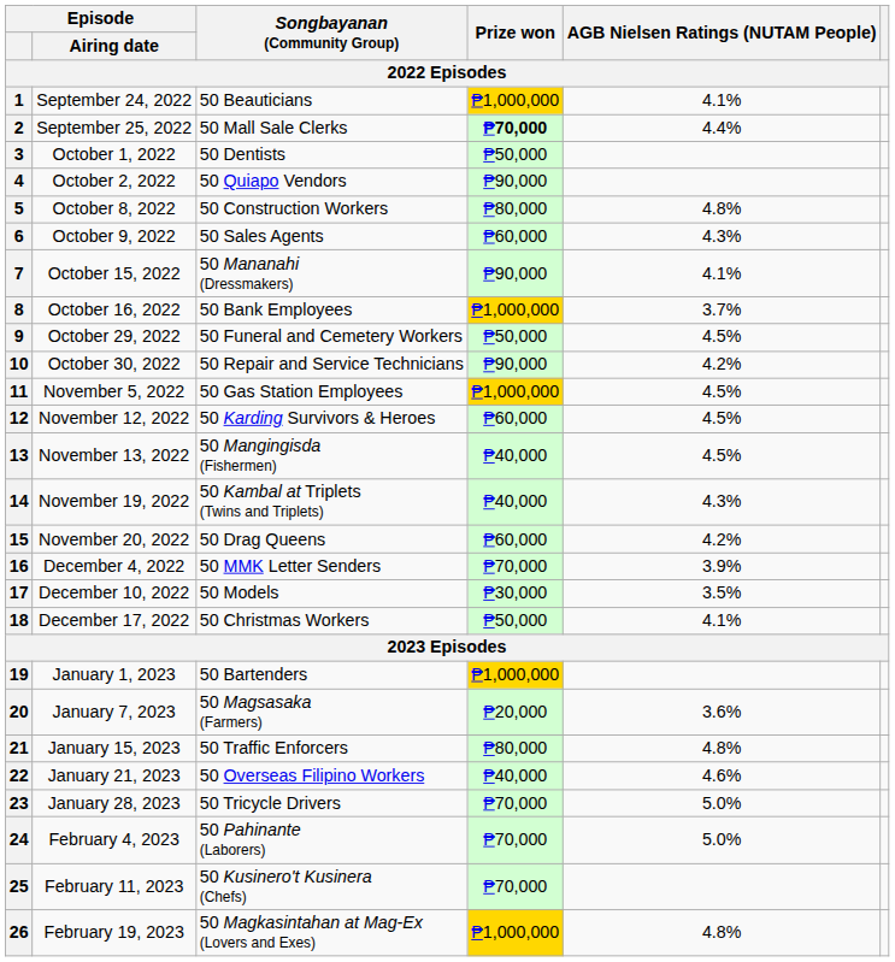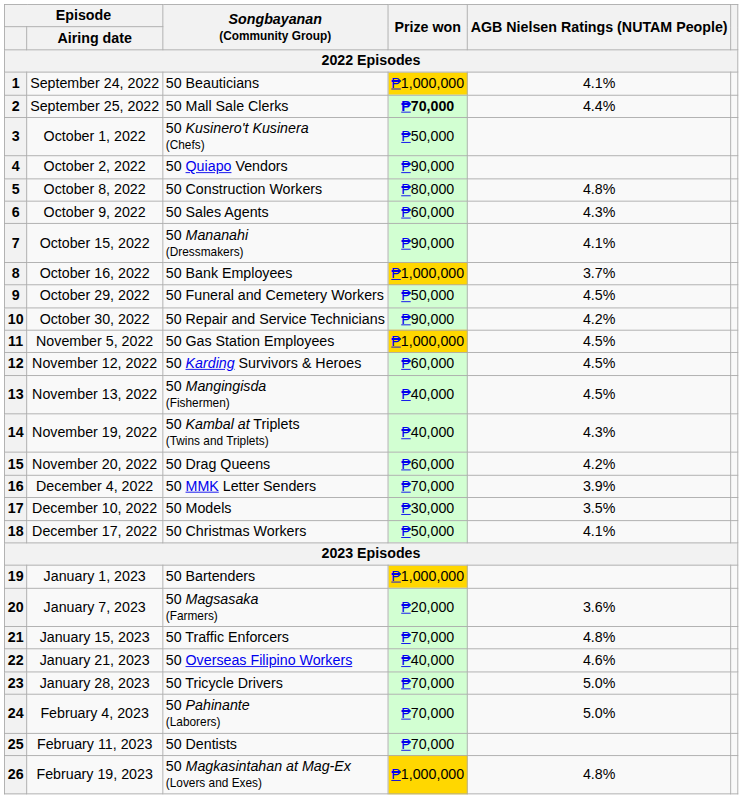 <table class="wikitable plainrowheaders">
 <tr>
 <th colspan="2">Episode</th>
 <th rowspan="2"><em>Songbayanan</em><br><small>(Community Group)</small></th>
 <th rowspan="2">Prize won</th>
 <th rowspan="2">AGB Nielsen Ratings (NUTAM People)</th>
 <th rowspan="2"></th>
 </tr>
 <tr>
 <th></th>
 <th>Airing date</th>
 </tr>
 <tr>
 <th colspan="6">2022 Episodes</th>
 </tr>
 <tr>
 <th scope="row" style="text-align:center;">1</th>
 <td style="text-align:center;">September 24, 2022</td>
 <td style="text-align:left;">50 Beauticians</td>
 <td style="text-align:center;background-color:gold"><a href='#'>₱</a>1,000,000</td>
 <td style="text-align:center">4.1%</td>
 <td style="text-align:center;"></td>
 </tr>
 <tr>
 <th scope="row" style="text-align:center;">2</th>
 <td style="text-align:center;">September 25, 2022</td>
 <td style="text-align:left;">50 Mall Sale Clerks</td>
 <td style="text-align:center;background-color:#D2FFD2"><strong><a href='#'>₱</a>70,000</strong></td>
 <td style="text-align:center">4.4%</td>
 <td style="text-align:center;"></td>
 </tr>
 <tr>
 <th scope="row" style="text-align:center;">3</th>
 <td style="text-align:center;">October 1, 2022</td>
-<td style="text-align:left;">50 Dentists</td>
+<td style="text-align:left;">50 <em>Kusinero't Kusinera</em><br><small>(Chefs)</small></td>
 <td style="text-align:center;background-color:#D2FFD2"><a href='#'>₱</a>50,000</td>
 <td style="text-align:center"></td>
 <td style="text-align:center"></td>
 </tr>
 <tr>
 <th scope="row" style="text-align:center;">4</th>
 <td style="text-align:center;">October 2, 2022</td>
 <td style="text-align:left;">50 <a href='#'>Quiapo</a> Vendors</td>
 <td style="text-align:center;background-color:#D2FFD2"><a href='#'>₱</a>90,000</td>
 <td style="text-align:center"></td>
 <td style="text-align:center"></td>
 </tr>
 <tr>
 <th scope="row" style="text-align:center;">5</th>
 <td style="text-align:center;">October 8, 2022</td>
 <td style="text-align:left;">50 Construction Workers</td>
 <td style="text-align:center;background-color:#D2FFD2"><a href='#'>₱</a>80,000</td>
 <td style="text-align:center">4.8%</td>
 <td style="text-align:center"></td>
 </tr>
 <tr>
 <th scope="row" style="text-align:center;">6</th>
 <td style="text-align:center;">October 9, 2022</td>
 <td style="text-align:left;">50 Sales Agents</td>
 <td style="text-align:center;background-color:#D2FFD2"><a href='#'>₱</a>60,000</td>
 <td style="text-align:center">4.3%</td>
 <td style="text-align:center"></td>
 </tr>
 <tr>
 <th scope="row" style="text-align:center;">7</th>
 <td style="text-align:center;">October 15, 2022</td>
 <td style="text-align:left;">50 <em>Mananahi</em><br><small>(Dressmakers)</small></td>
 <td style="text-align:center;background-color:#D2FFD2"><a href='#'>₱</a>90,000</td>
 <td style="text-align:center">4.1%</td>
 <td style="text-align:center"></td>
 </tr>
 <tr>
 <th scope="row" style="text-align:center;">8</th>
 <td style="text-align:center;">October 16, 2022</td>
 <td style="text-align:left;">50 Bank Employees</td>
 <td style="text-align:center;background-color:gold"><a href='#'>₱</a>1,000,000</td>
 <td style="text-align:center">3.7%</td>
 <td style="text-align:center"></td>
 </tr>
 <tr>
 <th scope="row" style="text-align:center;">9</th>
 <td style="text-align:center;">October 29, 2022</td>
 <td style="text-align:left;">50 Funeral and Cemetery Workers</td>
 <td style="text-align:center;background-color:#D2FFD2"><a href='#'>₱</a>50,000</td>
 <td style="text-align:center">4.5%</td>
 <td style="text-align:center"></td>
 </tr>
 <tr>
 <th scope="row" style="text-align:center;">10</th>
 <td style="text-align:center;">October 30, 2022</td>
 <td style="text-align:left;">50 Repair and Service Technicians</td>
 <td style="text-align:center;background-color:#D2FFD2"><a href='#'>₱</a>90,000</td>
 <td style="text-align:center">4.2%</td>
 <td style="text-align:center"></td>
 </tr>
 <tr>
 <th scope="row" style="text-align:center;">11</th>
 <td style="text-align:center;">November 5, 2022</td>
 <td style="text-align:left;">50 Gas Station Employees</td>
 <td style="text-align:center;background-color:gold"><a href='#'>₱</a>1,000,000</td>
 <td style="text-align:center">4.5%</td>
 <td style="text-align:center"></td>
 </tr>
 <tr>
 <th scope="row" style="text-align:center;">12</th>
 <td style="text-align:center;">November 12, 2022</td>
 <td style="text-align:left;">50 <a href='#'><em>Karding</em></a> Survivors & Heroes</td>
 <td style="text-align:center;background-color:#D2FFD2"><a href='#'>₱</a>60,000</td>
 <td style="text-align:center">4.5%</td>
 <td style="text-align:center"></td>
 </tr>
 <tr>
 <th scope="row" style="text-align:center;">13</th>
 <td style="text-align:center;">November 13, 2022</td>
 <td style="text-align:left;">50 <em>Mangingisda</em><br><small>(Fishermen)</small></td>
 <td style="text-align:center;background-color:#D2FFD2"><a href='#'>₱</a>40,000</td>
 <td style="text-align:center">4.5%</td>
 <td style="text-align:center"></td>
 </tr>
 <tr>
 <th scope="row" style="text-align:center;">14</th>
 <td style="text-align:center;">November 19, 2022</td>
 <td style="text-align:left;">50 <em>Kambal at</em> Triplets<br><small>(Twins and Triplets)</small></td>
 <td style="text-align:center;background-color:#D2FFD2"><a href='#'>₱</a>40,000</td>
 <td style="text-align:center">4.3%</td>
 <td style="text-align:center"></td>
 </tr>
 <tr>
 <th scope="row" style="text-align:center;">15</th>
 <td style="text-align:center;">November 20, 2022</td>
 <td style="text-align:left;">50 Drag Queens</td>
 <td style="text-align:center;background-color:#D2FFD2"><a href='#'>₱</a>60,000</td>
 <td style="text-align:center">4.2%</td>
 <td style="text-align:center"></td>
 </tr>
 <tr>
 <th scope="row" style="text-align:center;">16</th>
 <td style="text-align:center;">December 4, 2022</td>
 <td style="text-align:left;">50 <a href='#'>MMK</a> Letter Senders</td>
 <td style="text-align:center;background-color:#D2FFD2"><a href='#'>₱</a>70,000</td>
 <td style="text-align:center">3.9%</td>
 <td style="text-align:center"></td>
 </tr>
 <tr>
 <th scope="row" style="text-align:center;">17</th>
 <td style="text-align:center;">December 10, 2022</td>
 <td style="text-align:left;">50 Models</td>
 <td style="text-align:center;background-color:#D2FFD2"><a href='#'>₱</a>30,000</td>
 <td style="text-align:center">3.5%</td>
 <td style="text-align:center"></td>
 </tr>
 <tr>
 <th scope="row" style="text-align:center;">18</th>
 <td style="text-align:center;">December 17, 2022</td>
 <td style="text-align:left;">50 Christmas Workers</td>
 <td style="text-align:center;background-color:#D2FFD2"><a href='#'>₱</a>50,000</td>
 <td style="text-align:center">4.1%</td>
 <td style="text-align:center"></td>
 </tr>
 <tr>
 <th colspan="6">2023 Episodes</th>
 </tr>
 <tr>
 <th scope="row" style="text-align:center;">19</th>
 <td style="text-align:center;">January 1, 2023</td>
 <td style="text-align:left;">50 Bartenders</td>
 <td style="text-align:center;background-color:gold"><a href='#'>₱</a>1,000,000</td>
 <td style="text-align:center"></td>
 <td style="text-align:center"></td>
 </tr>
 <tr>
 <th scope="row" style="text-align:center;">20</th>
 <td style="text-align:center;">January 7, 2023</td>
 <td style="text-align:left;">50 <em>Magsasaka</em><br><small>(Farmers)</small></td>
 <td style="text-align:center;background-color:#D2FFD2"><a href='#'>₱</a>20,000</td>
 <td style="text-align:center">3.6%</td>
 <td style="text-align:center"></td>
 </tr>
 <tr>
 <th scope="row" style="text-align:center;">21</th>
 <td style="text-align:center;">January 15, 2023</td>
 <td style="text-align:left;">50 Traffic Enforcers</td>
-<td style="text-align:center;background-color:#D2FFD2"><a href='#'>₱</a>80,000</td>
+<td style="text-align:center;background-color:#D2FFD2"><a href='#'>₱</a>70,000</td>
 <td style="text-align:center">4.8%</td>
 <td style="text-align:center"></td>
 </tr>
 <tr>
 <th scope="row" style="text-align:center;">22</th>
 <td style="text-align:center;">January 21, 2023</td>
 <td style="text-align:left;">50 <a href='#'>Overseas Filipino Workers</a></td>
 <td style="text-align:center;background-color:#D2FFD2"><a href='#'>₱</a>40,000</td>
 <td style="text-align:center">4.6%</td>
 <td style="text-align:center"></td>
 </tr>
 <tr>
 <th scope="row" style="text-align:center;">23</th>
 <td style="text-align:center;">January 28, 2023</td>
 <td style="text-align:left;">50 Tricycle Drivers</td>
 <td style="text-align:center;background-color:#D2FFD2"><a href='#'>₱</a>70,000</td>
 <td style="text-align:center">5.0%</td>
 <td style="text-align:center"></td>
 </tr>
 <tr>
 <th scope="row" style="text-align:center;">24</th>
 <td style="text-align:center;">February 4, 2023</td>
 <td style="text-align:left;">50 <em>Pahinante</em><br><small>(Laborers)</small></td>
 <td style="text-align:center;background-color:#D2FFD2"><a href='#'>₱</a>70,000</td>
 <td style="text-align:center">5.0%</td>
 <td style="text-align:center"></td>
 </tr>
 <tr>
 <th scope="row" style="text-align:center;">25</th>
 <td style="text-align:center;">February 11, 2023</td>
-<td style="text-align:left;">50 <em>Kusinero't Kusinera</em><br><small>(Chefs)</small></td>
+<td style="text-align:left;">50 Dentists</td>
 <td style="text-align:center;background-color:#D2FFD2"><a href='#'>₱</a>70,000</td>
 <td style="text-align:center"></td>
 <td style="text-align:center"></td>
 </tr>
 <tr>
 <th scope="row" style="text-align:center;">26</th>
 <td style="text-align:center;">February 19, 2023</td>
 <td style="text-align:left;">50 <em>Magkasintahan at Mag-Ex</em><br><small>(Lovers and Exes)</small></td>
 <td style="text-align:center;background-color:gold"><a href='#'>₱</a>1,000,000</td>
 <td style="text-align:center">4.8%</td>
 <td style="text-align:center"></td>
 </tr>
 </table>
